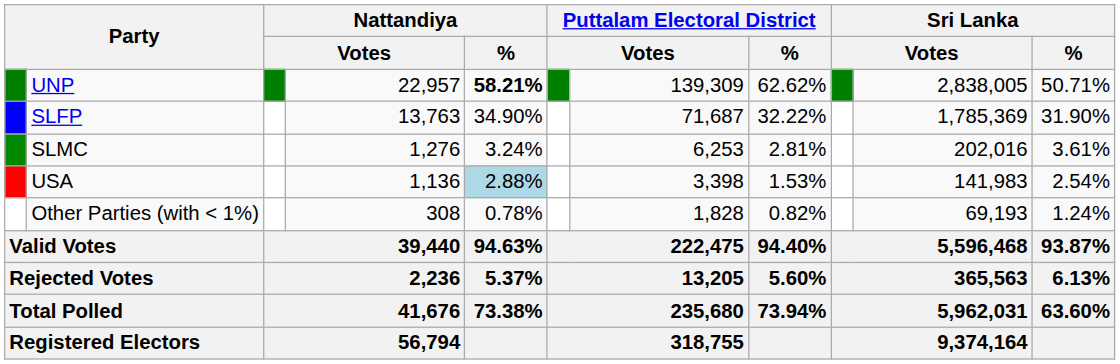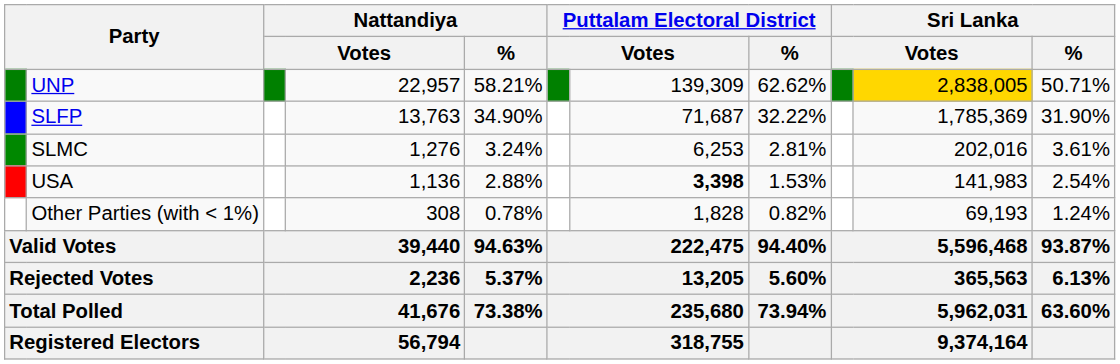 <table class="wikitable">
 <tr>
 <th colspan="2" width="144px"rowspan="2">Party</th>
 <th colspan="3" width="216px">Nattandiya</th>
 <th colspan="3" width="216px"><a href='#'>Puttalam Electoral District</a></th>
 <th colspan="3" width="216px">Sri Lanka</th>
 </tr>
 <tr>
 <th colspan="2" width="144px">Votes</th>
 <th>%</th>
 <th colspan="2" width="144px">Votes</th>
 <th>%</th>
 <th colspan="2" width="144px">Votes</th>
 <th>%</th>
 </tr>
 <tr>
 <td style="background-color:green;" width="10px"></td>
 <td style="text-align:left;"><a href='#'>UNP</a></td>
 <td style="background-color:green;" width="10px"></td>
 <td style="text-align:right;">22,957</td>
-<td style="text-align:right;"><strong>58.21%</strong></td>
+<td style="text-align:right;">58.21%</td>
 <td style="background-color:green;" width="10px"></td>
 <td style="text-align:right;">139,309</td>
 <td style="text-align:right;">62.62%</td>
 <td style="background-color:green;" width="10px"></td>
-<td style="text-align:right;">2,838,005</td>
+<td style="background: gold; text-align:right;">2,838,005</td>
 <td style="text-align:right;">50.71%</td>
 </tr>
 <tr>
 <td style="background-color:blue;" width="10px"></td>
 <td style="text-align:left;"><a href='#'>SLFP</a></td>
 <td style="background-color:white;" width="10px"></td>
 <td style="text-align:right;">13,763</td>
 <td style="text-align:right;">34.90%</td>
 <td style="background-color:white;" width="10px"></td>
 <td style="text-align:right;">71,687</td>
 <td style="text-align:right;">32.22%</td>
 <td style="background-color:white;" width="10px"></td>
 <td style="text-align:right;">1,785,369</td>
 <td style="text-align:right;">31.90%</td>
 </tr>
 <tr>
 <td style="background-color:#008800;" width="10px"></td>
 <td style="text-align:left;">SLMC</td>
 <td style="background-color:white;" width="10px"></td>
 <td style="text-align:right;">1,276</td>
 <td style="text-align:right;">3.24%</td>
 <td style="background-color:white;" width="10px"></td>
 <td style="text-align:right;">6,253</td>
 <td style="text-align:right;">2.81%</td>
 <td style="background-color:white;" width="10px"></td>
 <td style="text-align:right;">202,016</td>
 <td style="text-align:right;">3.61%</td>
 </tr>
 <tr>
 <td style="background-color:red;" width="10px"></td>
 <td style="text-align:left;">USA</td>
 <td style="background-color:white;" width="10px"></td>
 <td style="text-align:right;">1,136</td>
-<td style="background: lightblue; text-align:right;">2.88%</td>
+<td style="text-align:right;">2.88%</td>
 <td style="background-color:white;" width="10px"></td>
-<td style="text-align:right;">3,398</td>
+<td style="text-align:right;"><strong>3,398</strong></td>
 <td style="text-align:right;">1.53%</td>
 <td style="background-color:white;" width="10px"></td>
 <td style="text-align:right;">141,983</td>
 <td style="text-align:right;">2.54%</td>
 </tr>
 <tr>
 <td style="background-color:white;" width="10px"></td>
 <td style="text-align:left;">Other Parties (with < 1%)</td>
 <td style="background-color:white;" width="10px"></td>
 <td style="text-align:right;">308</td>
 <td style="text-align:right;">0.78%</td>
 <td style="background-color:white;" width="10px"></td>
 <td style="text-align:right;">1,828</td>
 <td style="text-align:right;">0.82%</td>
 <td style="background-color:white;" width="10px"></td>
 <td style="text-align:right;">69,193</td>
 <td style="text-align:right;">1.24%</td>
 </tr>
 <tr>
 <th colspan="2" width="144px"style="text-align:left;">Valid Votes</th>
 <th style="text-align:right;"colspan="2" width="144px">39,440</th>
 <th style="text-align:right;">94.63%</th>
 <th style="text-align:right;"colspan="2" width="144px">222,475</th>
 <th style="text-align:right;">94.40%</th>
 <th style="text-align:right;"colspan="2" width="144px">5,596,468</th>
 <th style="text-align:right;">93.87%</th>
 </tr>
 <tr>
 <th colspan="2" width="144px"style="text-align:left;">Rejected Votes</th>
 <th style="text-align:right;"colspan="2" width="144px">2,236</th>
 <th style="text-align:right;">5.37%</th>
 <th style="text-align:right;"colspan="2" width="144px">13,205</th>
 <th style="text-align:right;">5.60%</th>
 <th style="text-align:right;"colspan="2" width="144px">365,563</th>
 <th style="text-align:right;">6.13%</th>
 </tr>
 <tr>
 <th colspan="2" width="144px"style="text-align:left;">Total Polled</th>
 <th style="text-align:right;"colspan="2" width="144px">41,676</th>
 <th style="text-align:right;">73.38%</th>
 <th style="text-align:right;"colspan="2" width="144px">235,680</th>
 <th style="text-align:right;">73.94%</th>
 <th style="text-align:right;"colspan="2" width="144px">5,962,031</th>
 <th style="text-align:right;">63.60%</th>
 </tr>
 <tr>
 <th colspan="2" width="144px"style="text-align:left;">Registered Electors</th>
 <th style="text-align:right;"colspan="2" width="144px">56,794</th>
 <th></th>
 <th style="text-align:right;"colspan="2" width="144px">318,755</th>
 <th></th>
 <th style="text-align:right;"colspan="2" width="144px">9,374,164</th>
 <th></th>
 </tr>
 </table>
